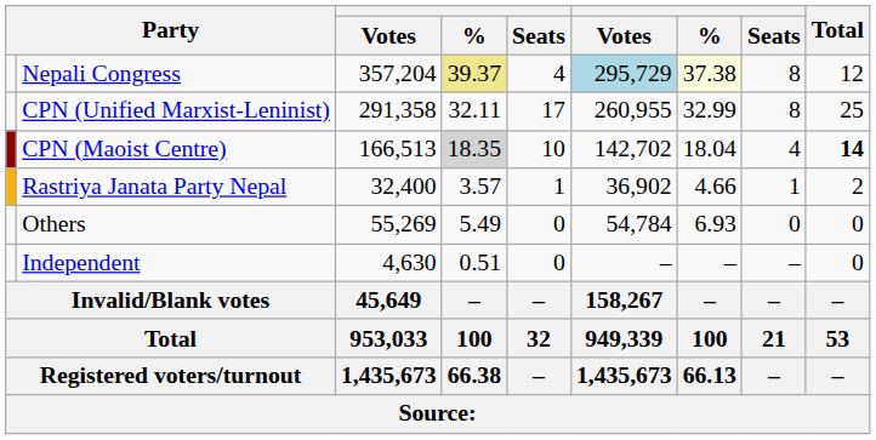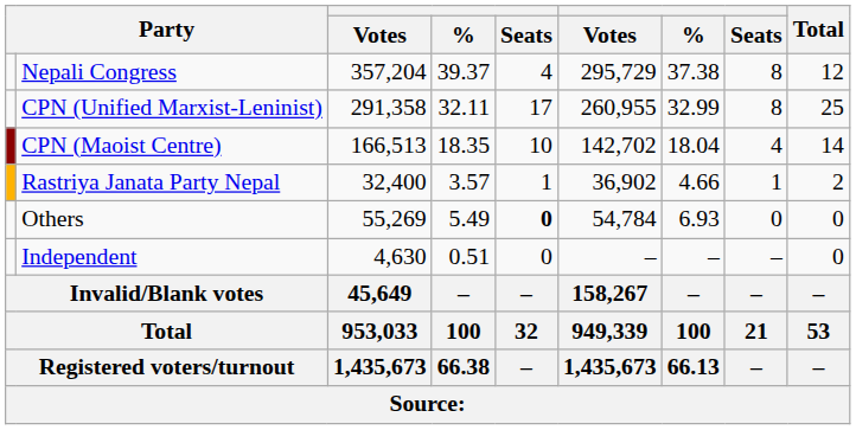 <table class="wikitable" style="text-align:right">
 <tr>
 <th colspan="2" rowspan="2">Party</th>
 <th colspan="3"></th>
 <th colspan="3"></th>
 <th rowspan="2">Total</th>
 </tr>
 <tr>
 <th>Votes</th>
 <th>%</th>
 <th>Seats</th>
 <th>Votes</th>
 <th>%</th>
 <th>Seats</th>
 </tr>
 <tr>
 <td></td>
 <td align="left"><a href='#'>Nepali Congress</a></td>
 <td>357,204</td>
-<td style="background: khaki;">39.37</td>
+<td>39.37</td>
 <td>4</td>
-<td style="background: lightblue;">295,729</td>
-<td style="background: lightyellow;">37.38</td>
+<td>295,729</td>
+<td>37.38</td>
 <td>8</td>
 <td>12</td>
 </tr>
 <tr>
 <td></td>
 <td align="left"><a href='#'>CPN (Unified Marxist-Leninist)</a></td>
 <td>291,358</td>
 <td>32.11</td>
 <td>17</td>
 <td>260,955</td>
 <td>32.99</td>
 <td>8</td>
 <td>25</td>
 </tr>
 <tr>
 <td bgcolor="8B0000"></td>
 <td align="left"><a href='#'>CPN (Maoist Centre)</a></td>
 <td>166,513</td>
-<td style="background: lightgrey;">18.35</td>
+<td>18.35</td>
 <td>10</td>
 <td>142,702</td>
 <td>18.04</td>
 <td>4</td>
-<td><strong>14</strong></td>
+<td>14</td>
 </tr>
 <tr>
 <td bgcolor="FFb300"></td>
 <td align="left"><a href='#'>Rastriya Janata Party Nepal</a></td>
 <td>32,400</td>
 <td>3.57</td>
 <td>1</td>
 <td>36,902</td>
 <td>4.66</td>
 <td>1</td>
 <td>2</td>
 </tr>
 <tr>
 <td></td>
 <td align="left">Others</td>
 <td>55,269</td>
 <td>5.49</td>
-<td>0</td>
+<td><strong>0</strong></td>
 <td>54,784</td>
 <td>6.93</td>
 <td>0</td>
 <td>0</td>
 </tr>
 <tr>
 <td></td>
 <td align="left"><a href='#'>Independent</a></td>
 <td>4,630</td>
 <td>0.51</td>
 <td>0</td>
 <td>–</td>
 <td>–</td>
 <td>–</td>
 <td>0</td>
 </tr>
 <tr>
 <th colspan="2">Invalid/Blank votes</th>
 <th>45,649</th>
 <th>–</th>
 <th>–</th>
 <th>158,267</th>
 <th>–</th>
 <th>–</th>
 <th>–</th>
 </tr>
 <tr>
 <th colspan="2">Total</th>
 <th>953,033</th>
 <th>100</th>
 <th>32</th>
 <th>949,339</th>
 <th>100</th>
 <th>21</th>
 <th>53</th>
 </tr>
 <tr>
 <th colspan="2">Registered voters/turnout</th>
 <th>1,435,673</th>
 <th>66.38</th>
 <th>–</th>
 <th>1,435,673</th>
 <th>66.13</th>
 <th>–</th>
 <th>–</th>
 </tr>
 <tr>
 <th colspan="9">Source: </th>
 </tr>
 </table>
